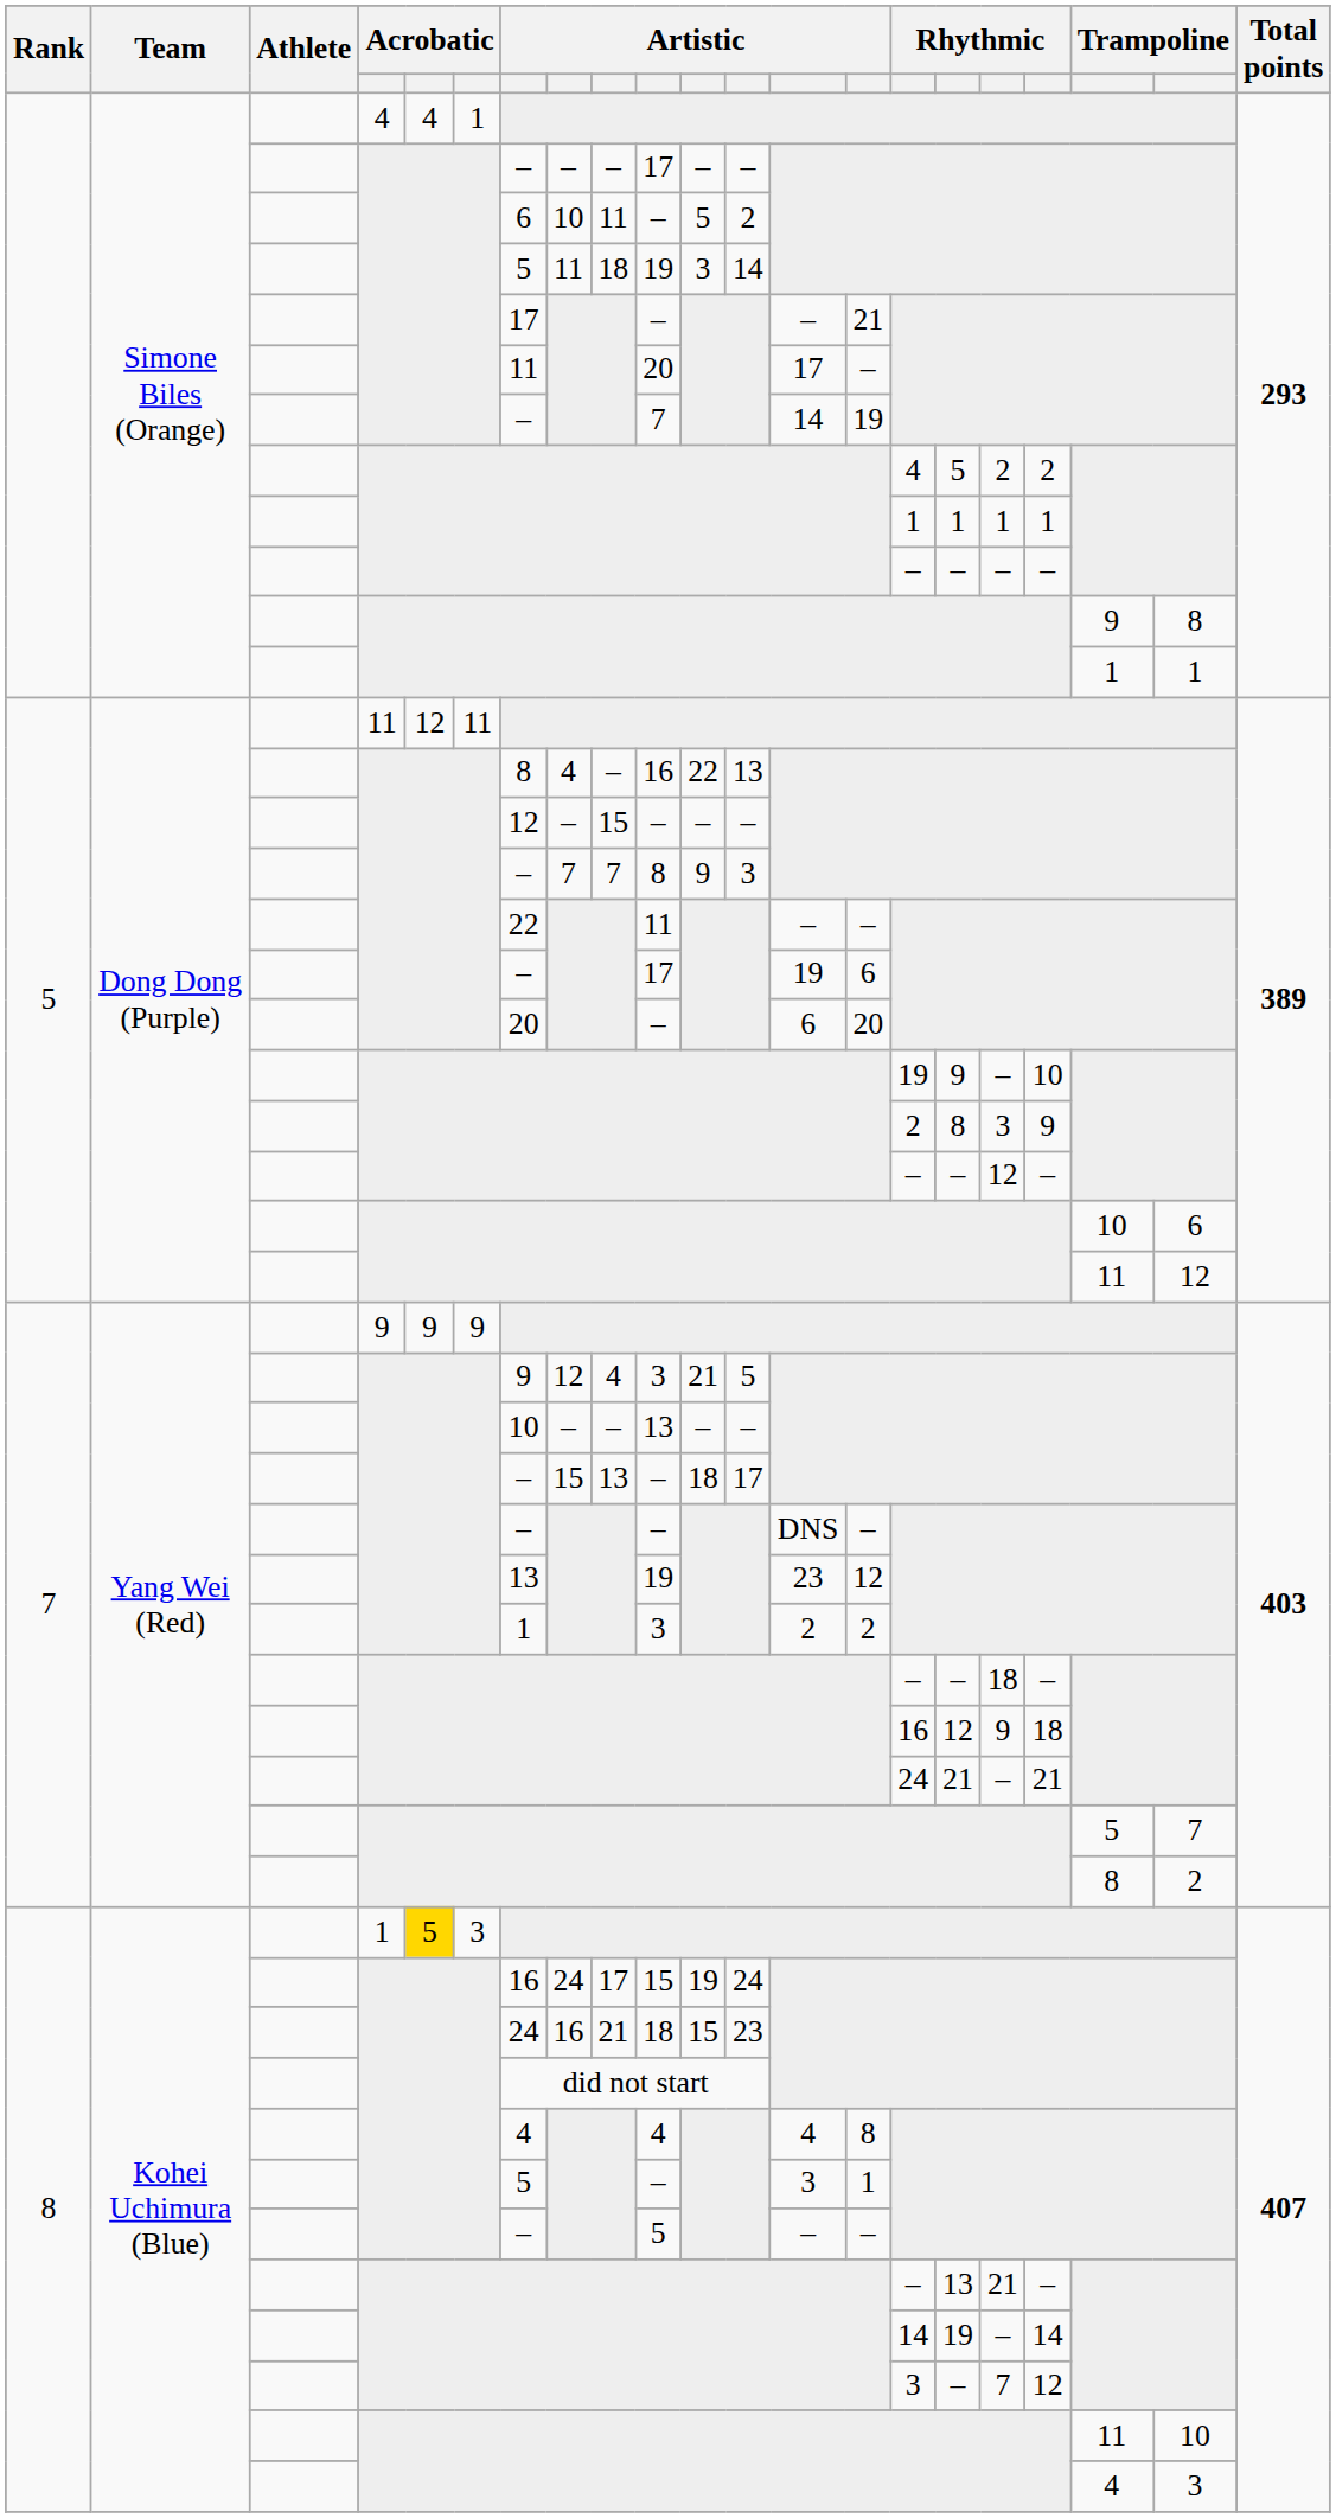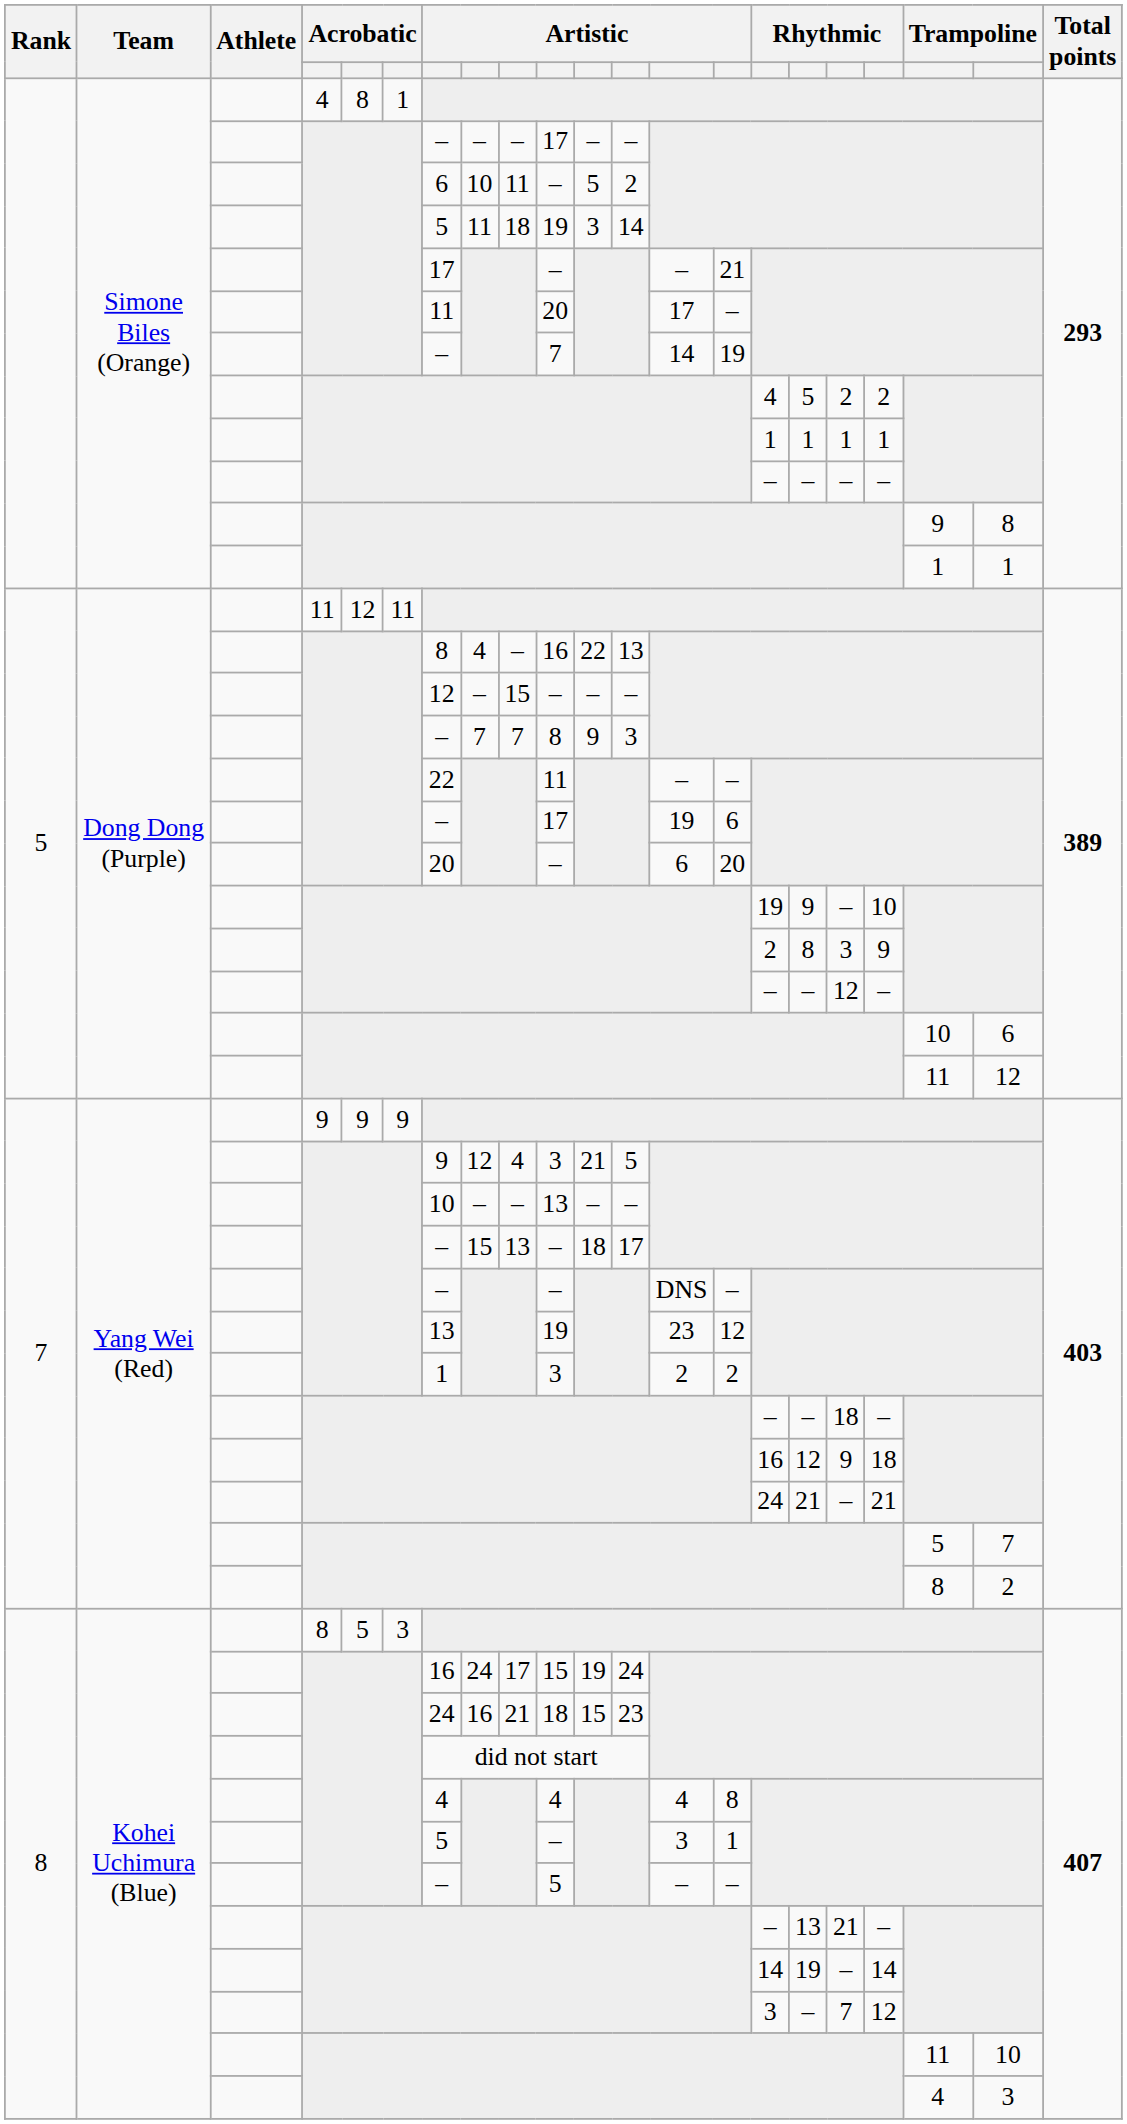 <table class="wikitable" style="text-align:center; font-size:90%">
 <tr>
 <th rowspan=2>Rank</th>
 <th rowspan=2>Team</th>
 <th rowspan=2>Athlete</th>
 <th colspan=3>Acrobatic</th>
 <th colspan=8>Artistic</th>
 <th colspan=4>Rhythmic</th>
 <th colspan=2>Trampoline</th>
 <th rowspan=2>Total<br>points<br></th>
 </tr>
 <tr>
 <th></th>
 <th></th>
 <th></th>
 <th></th>
 <th></th>
 <th></th>
 <th></th>
 <th></th>
 <th></th>
 <th></th>
 <th></th>
 <th></th>
 <th></th>
 <th></th>
 <th></th>
 <th></th>
 <th></th>
 </tr>
 <tr>
 <td rowspan=12></td>
 <td rowspan=12><a href='#'>Simone<br>Biles</a><br>(Orange)</td>
 <td align=left><br></td>
 <td>4</td>
-<td>4</td>
+<td>8</td>
 <td>1</td>
 <td colspan=14 bgcolor=eeeeee></td>
 <td rowspan=12><strong>293</strong></td>
 </tr>
 <tr>
 <td align=left></td>
 <td colspan=3 rowspan=6 bgcolor=eeeeee></td>
 <td>–</td>
 <td>–</td>
 <td>–</td>
 <td>17</td>
 <td>–</td>
 <td>–</td>
 <td colspan=8 rowspan=3 bgcolor=eeeeee></td>
 </tr>
 <tr>
 <td align=left></td>
 <td>6</td>
 <td>10</td>
 <td>11</td>
 <td>–</td>
 <td>5</td>
 <td>2</td>
 </tr>
 <tr>
 <td align=left><strong></strong></td>
 <td>5</td>
 <td>11</td>
 <td>18</td>
 <td>19</td>
 <td>3</td>
 <td>14</td>
 </tr>
 <tr>
 <td align=left></td>
 <td>17</td>
 <td colspan=2 rowspan=3 bgcolor=eeeeee></td>
 <td>–</td>
 <td colspan=2 rowspan=3 bgcolor=eeeeee></td>
 <td>–</td>
 <td>21</td>
 <td colspan=6 rowspan=3 bgcolor=eeeeee></td>
 </tr>
 <tr>
 <td align=left></td>
 <td>11</td>
 <td>20</td>
 <td>17</td>
 <td>–</td>
 </tr>
 <tr>
 <td align=left></td>
 <td>–</td>
 <td>7</td>
 <td>14</td>
 <td>19</td>
 </tr>
 <tr>
 <td align=left></td>
 <td colspan=11 rowspan=3 bgcolor=eeeeee></td>
 <td>4</td>
 <td>5</td>
 <td>2</td>
 <td>2</td>
 <td colspan=2 rowspan=3 bgcolor=eeeeee></td>
 </tr>
 <tr>
 <td align=left></td>
 <td>1</td>
 <td>1</td>
 <td>1</td>
 <td>1</td>
 </tr>
 <tr>
 <td align=left></td>
 <td>–</td>
 <td>–</td>
 <td>–</td>
 <td>–</td>
 </tr>
 <tr>
 <td align=left></td>
 <td colspan=15 rowspan=2 bgcolor=eeeeee></td>
 <td>9</td>
 <td>8</td>
 </tr>
 <tr>
 <td align=left></td>
 <td>1</td>
 <td>1</td>
 </tr>
 <tr>
 <td rowspan=12>5</td>
 <td rowspan=12><a href='#'>Dong Dong</a><br>(Purple)</td>
 <td align=left><br></td>
 <td>11</td>
 <td>12</td>
 <td>11</td>
 <td colspan=14 bgcolor=eeeeee></td>
 <td rowspan=12><strong>389</strong></td>
 </tr>
 <tr>
 <td align=left></td>
 <td colspan=3 rowspan=6 bgcolor=eeeeee></td>
 <td>8</td>
 <td>4</td>
 <td>–</td>
 <td>16</td>
 <td>22</td>
 <td>13</td>
 <td colspan=8 rowspan=3 bgcolor=eeeeee></td>
 </tr>
 <tr>
 <td align=left></td>
 <td>12</td>
 <td>–</td>
 <td>15</td>
 <td>–</td>
 <td>–</td>
 <td>–</td>
 </tr>
 <tr>
 <td align=left></td>
 <td>–</td>
 <td>7</td>
 <td>7</td>
 <td>8</td>
 <td>9</td>
 <td>3</td>
 </tr>
 <tr>
 <td align=left></td>
 <td>22</td>
 <td colspan=2 rowspan=3 bgcolor=eeeeee></td>
 <td>11</td>
 <td colspan=2 rowspan=3 bgcolor=eeeeee></td>
 <td>–</td>
 <td>–</td>
 <td colspan=6 rowspan=3 bgcolor=eeeeee></td>
 </tr>
 <tr>
 <td align=left></td>
 <td>–</td>
 <td>17</td>
 <td>19</td>
 <td>6</td>
 </tr>
 <tr>
 <td align=left></td>
 <td>20</td>
 <td>–</td>
 <td>6</td>
 <td>20</td>
 </tr>
 <tr>
 <td align=left></td>
 <td colspan=11 rowspan=3 bgcolor=eeeeee></td>
 <td>19</td>
 <td>9</td>
 <td>–</td>
 <td>10</td>
 <td colspan=2 rowspan=3 bgcolor=eeeeee></td>
 </tr>
 <tr>
 <td align=left></td>
 <td>2</td>
 <td>8</td>
 <td>3</td>
 <td>9</td>
 </tr>
 <tr>
 <td align=left></td>
 <td>–</td>
 <td>–</td>
 <td>12</td>
 <td>–</td>
 </tr>
 <tr>
 <td align=left></td>
 <td colspan=15 rowspan=2 bgcolor=eeeeee></td>
 <td>10</td>
 <td>6</td>
 </tr>
 <tr>
 <td align=left></td>
 <td>11</td>
 <td>12</td>
 </tr>
 <tr>
 <td rowspan=12>7</td>
 <td rowspan=12><a href='#'>Yang Wei</a><br>(Red)</td>
 <td align=left><br></td>
 <td>9</td>
 <td>9</td>
 <td>9</td>
 <td colspan=14 bgcolor=eeeeee></td>
 <td rowspan=12><strong>403</strong></td>
 </tr>
 <tr>
 <td align=left></td>
 <td colspan=3 rowspan=6 bgcolor=eeeeee></td>
 <td>9</td>
 <td>12</td>
 <td>4</td>
 <td>3</td>
 <td>21</td>
 <td>5</td>
 <td colspan=8 rowspan=3 bgcolor=eeeeee></td>
 </tr>
 <tr>
 <td align=left></td>
 <td>10</td>
 <td>–</td>
 <td>–</td>
 <td>13</td>
 <td>–</td>
 <td>–</td>
 </tr>
 <tr>
 <td align=left></td>
 <td>–</td>
 <td>15</td>
 <td>13</td>
 <td>–</td>
 <td>18</td>
 <td>17</td>
 </tr>
 <tr>
 <td align=left></td>
 <td>–</td>
 <td colspan=2 rowspan=3 bgcolor=eeeeee></td>
 <td>–</td>
 <td colspan=2 rowspan=3 bgcolor=eeeeee></td>
 <td>DNS</td>
 <td>–</td>
 <td colspan=6 rowspan=3 bgcolor=eeeeee></td>
 </tr>
 <tr>
 <td align=left></td>
 <td>13</td>
 <td>19</td>
 <td>23</td>
 <td>12</td>
 </tr>
 <tr>
 <td align=left></td>
 <td>1</td>
 <td>3</td>
 <td>2</td>
 <td>2</td>
 </tr>
 <tr>
 <td align=left></td>
 <td colspan=11 rowspan=3 bgcolor=eeeeee></td>
 <td>–</td>
 <td>–</td>
 <td>18</td>
 <td>–</td>
 <td colspan=2 rowspan=3 bgcolor=eeeeee></td>
 </tr>
 <tr>
 <td align=left></td>
 <td>16</td>
 <td>12</td>
 <td>9</td>
 <td>18</td>
 </tr>
 <tr>
 <td align=left></td>
 <td>24</td>
 <td>21</td>
 <td>–</td>
 <td>21</td>
 </tr>
 <tr>
 <td align=left></td>
 <td colspan=15 rowspan=2 bgcolor=eeeeee></td>
 <td>5</td>
 <td>7</td>
 </tr>
 <tr>
 <td align=left></td>
 <td>8</td>
 <td>2</td>
 </tr>
 <tr>
 <td rowspan=12>8</td>
 <td rowspan=12><a href='#'>Kohei<br>Uchimura</a><br>(Blue)</td>
 <td align=left><br></td>
-<td>1</td>
-<td style="background: gold;">5</td>
+<td>8</td>
+<td>5</td>
 <td>3</td>
 <td colspan=14 bgcolor=eeeeee></td>
 <td rowspan=12><strong>407</strong></td>
 </tr>
 <tr>
 <td align=left></td>
 <td colspan=3 rowspan=6 bgcolor=eeeeee></td>
 <td>16</td>
 <td>24</td>
 <td>17</td>
 <td>15</td>
 <td>19</td>
 <td>24</td>
 <td colspan=8 rowspan=3 bgcolor=eeeeee></td>
 </tr>
 <tr>
 <td align=left></td>
 <td>24</td>
 <td>16</td>
 <td>21</td>
 <td>18</td>
 <td>15</td>
 <td>23</td>
 </tr>
 <tr>
 <td align=left></td>
 <td colspan=6>did not start</td>
 </tr>
 <tr>
 <td align=left></td>
 <td>4</td>
 <td colspan=2 rowspan=3 bgcolor=eeeeee></td>
 <td>4</td>
 <td colspan=2 rowspan=3 bgcolor=eeeeee></td>
 <td>4</td>
 <td>8</td>
 <td colspan=6 rowspan=3 bgcolor=eeeeee></td>
 </tr>
 <tr>
 <td align=left></td>
 <td>5</td>
 <td>–</td>
 <td>3</td>
 <td>1</td>
 </tr>
 <tr>
 <td align=left></td>
 <td>–</td>
 <td>5</td>
 <td>–</td>
 <td>–</td>
 </tr>
 <tr>
 <td align=left></td>
 <td colspan=11 rowspan=3 bgcolor=eeeeee></td>
 <td>–</td>
 <td>13</td>
 <td>21</td>
 <td>–</td>
 <td colspan=2 rowspan=3 bgcolor=eeeeee></td>
 </tr>
 <tr>
 <td align=left></td>
 <td>14</td>
 <td>19</td>
 <td>–</td>
 <td>14</td>
 </tr>
 <tr>
 <td align=left></td>
 <td>3</td>
 <td>–</td>
 <td>7</td>
 <td>12</td>
 </tr>
 <tr>
 <td align=left></td>
 <td colspan=15 rowspan=2 bgcolor=eeeeee></td>
 <td>11</td>
 <td>10</td>
 </tr>
 <tr>
 <td align=left></td>
 <td>4</td>
 <td>3</td>
 </tr>
 </table>
